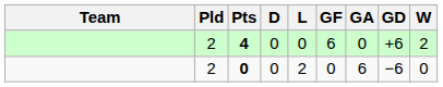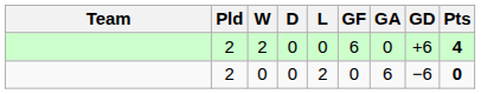 <table class="wikitable" style="text-align:center;">
 <tr>
 <th width=180>Team</th>
 <th width=20>Pld</th>
-<th width=20>Pts</th>
+<th width=20>W</th>
 <th width=20>D</th>
 <th width=20>L</th>
 <th width=20>GF</th>
 <th width=20>GA</th>
 <th width=20>GD</th>
-<th width=20>W</th>
+<th width=20>Pts</th>
 </tr>
 <tr style="background:#cfc;">
 <td align="left"></td>
 <td>2</td>
-<td><strong>4</strong></td>
+<td>2</td>
 <td>0</td>
 <td>0</td>
 <td>6</td>
 <td>0</td>
 <td>+6</td>
-<td>2</td>
+<td><strong>4</strong></td>
 </tr>
 <tr>
 <td align="left"></td>
 <td>2</td>
-<td><strong>0</strong></td>
+<td>0</td>
 <td>0</td>
 <td>2</td>
 <td>0</td>
 <td>6</td>
 <td>−6</td>
-<td>0</td>
+<td><strong>0</strong></td>
 </tr>
 </table>
